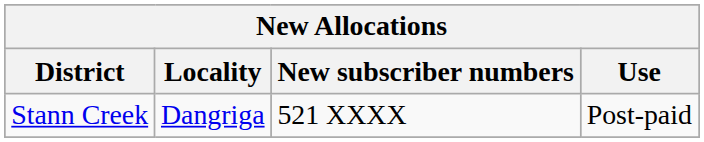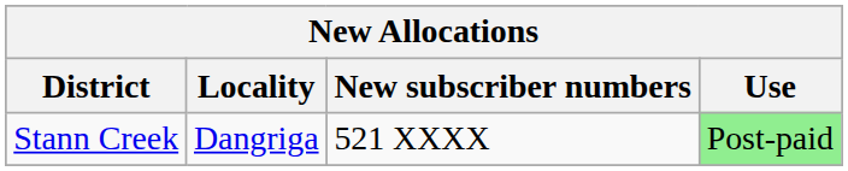 <table class="wikitable" border=1>
 <tr>
 <th colspan="4">New Allocations</th>
 </tr>
 <tr>
 <th>District</th>
 <th>Locality</th>
 <th>New subscriber numbers</th>
 <th>Use</th>
 </tr>
 <tr>
 <td><a href='#'>Stann Creek</a></td>
 <td><a href='#'>Dangriga</a></td>
 <td>521 XXXX</td>
-<td>Post-paid</td>
+<td style="background: lightgreen;">Post-paid</td>
 </tr>
 </table>
